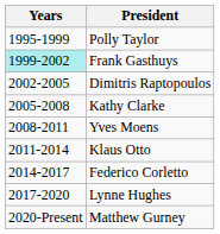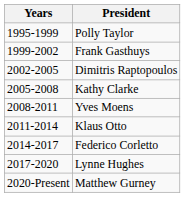 <table class="wikitable">
 <tr>
 <th>Years</th>
 <th>President</th>
 </tr>
 <tr>
 <td>1995-1999</td>
 <td>Polly Taylor</td>
 </tr>
 <tr>
-<td style="background: paleturquoise;">1999-2002</td>
+<td>1999-2002</td>
 <td>Frank Gasthuys</td>
 </tr>
 <tr>
 <td>2002-2005</td>
 <td>Dimitris Raptopoulos</td>
 </tr>
 <tr>
 <td>2005-2008</td>
 <td>Kathy Clarke</td>
 </tr>
 <tr>
 <td>2008-2011</td>
 <td>Yves Moens</td>
 </tr>
 <tr>
 <td>2011-2014</td>
 <td>Klaus Otto</td>
 </tr>
 <tr>
 <td>2014-2017</td>
 <td>Federico Corletto</td>
 </tr>
 <tr>
 <td>2017-2020</td>
 <td>Lynne Hughes</td>
 </tr>
 <tr>
 <td>2020-Present</td>
 <td>Matthew Gurney</td>
 </tr>
 </table>
